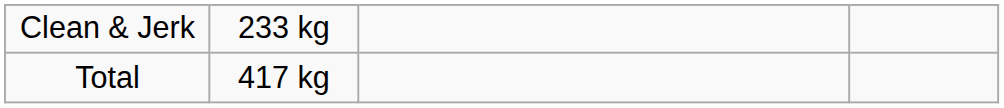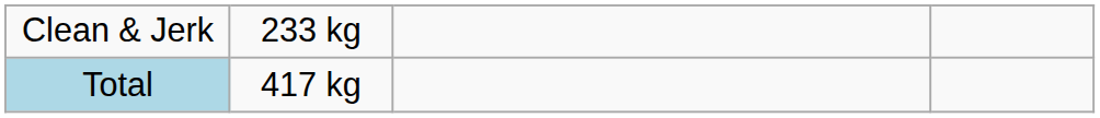 <table class = "wikitable" style="text-align:center;">
 <tr>
 <td width=100>Clean & Jerk</td>
 <td width=70>233 kg</td>
 <td width=250 align=left></td>
 <td width=70></td>
 </tr>
 <tr>
-<td>Total</td>
+<td style="background: lightblue;">Total</td>
 <td>417 kg</td>
 <td align=left></td>
 <td></td>
 </tr>
 </table>
